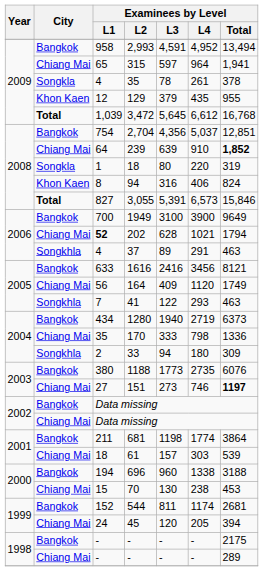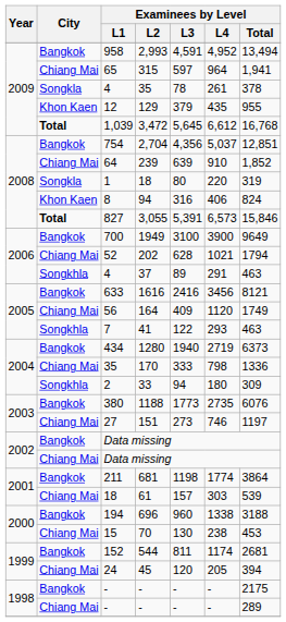 <table class="wikitable" align="right">
 <tr>
 <th rowspan=2>Year</th>
 <th rowspan=2>City</th>
 <th colspan=5>Examinees by Level</th>
 </tr>
 <tr>
 <th>L1</th>
 <th>L2</th>
 <th>L3</th>
 <th>L4</th>
 <th>Total</th>
 </tr>
 <tr>
 </tr>
 <tr>
 <td rowspan=5>2009</td>
 <td><a href='#'>Bangkok</a></td>
 <td>958</td>
 <td>2,993</td>
 <td>4,591</td>
 <td>4,952</td>
 <td>13,494</td>
 </tr>
 <tr>
 <td><a href='#'>Chiang Mai</a></td>
 <td>65</td>
 <td>315</td>
 <td>597</td>
 <td>964</td>
 <td>1,941</td>
 </tr>
 <tr>
 <td><a href='#'>Songkla</a></td>
 <td>4</td>
 <td>35</td>
 <td>78</td>
 <td>261</td>
 <td>378</td>
 </tr>
 <tr>
 <td><a href='#'>Khon Kaen</a></td>
 <td>12</td>
 <td>129</td>
 <td>379</td>
 <td>435</td>
 <td>955</td>
 </tr>
 <tr>
 <td><strong>Total</strong></td>
 <td>1,039</td>
 <td>3,472</td>
 <td>5,645</td>
 <td>6,612</td>
 <td>16,768</td>
 </tr>
 <tr>
 <td rowspan=5>2008</td>
 <td><a href='#'>Bangkok</a></td>
 <td>754</td>
 <td>2,704</td>
 <td>4,356</td>
 <td>5,037</td>
 <td>12,851</td>
 </tr>
 <tr>
 <td><a href='#'>Chiang Mai</a></td>
 <td>64</td>
 <td>239</td>
 <td>639</td>
 <td>910</td>
-<td><strong>1,852</strong></td>
+<td>1,852</td>
 </tr>
 <tr>
 <td><a href='#'>Songkla</a></td>
 <td>1</td>
 <td>18</td>
 <td>80</td>
 <td>220</td>
 <td>319</td>
 </tr>
 <tr>
 <td><a href='#'>Khon Kaen</a></td>
 <td>8</td>
 <td>94</td>
 <td>316</td>
 <td>406</td>
 <td>824</td>
 </tr>
 <tr>
 <td><strong>Total</strong></td>
 <td>827</td>
 <td>3,055</td>
 <td>5,391</td>
 <td>6,573</td>
 <td>15,846</td>
 </tr>
 <tr>
 <td rowspan=3>2006</td>
 <td><a href='#'>Bangkok</a></td>
 <td>700</td>
 <td>1949</td>
 <td>3100</td>
 <td>3900</td>
 <td>9649</td>
 </tr>
 <tr>
 <td><a href='#'>Chiang Mai</a></td>
-<td><strong>52</strong></td>
+<td>52</td>
 <td>202</td>
 <td>628</td>
 <td>1021</td>
 <td>1794</td>
 </tr>
 <tr>
 <td><a href='#'>Songkhla</a></td>
 <td>4</td>
 <td>37</td>
 <td>89</td>
 <td>291</td>
 <td>463</td>
 </tr>
 <tr>
 <td rowspan=3>2005</td>
 <td><a href='#'>Bangkok</a></td>
 <td>633</td>
 <td>1616</td>
 <td>2416</td>
 <td>3456</td>
 <td>8121</td>
 </tr>
 <tr>
 <td><a href='#'>Chiang Mai</a></td>
 <td>56</td>
 <td>164</td>
 <td>409</td>
 <td>1120</td>
 <td>1749</td>
 </tr>
 <tr>
 <td><a href='#'>Songkhla</a></td>
 <td>7</td>
 <td>41</td>
 <td>122</td>
 <td>293</td>
 <td>463</td>
 </tr>
 <tr>
 <td rowspan=3>2004</td>
 <td><a href='#'>Bangkok</a></td>
 <td>434</td>
 <td>1280</td>
 <td>1940</td>
 <td>2719</td>
 <td>6373</td>
 </tr>
 <tr>
 <td><a href='#'>Chiang Mai</a></td>
 <td>35</td>
 <td>170</td>
 <td>333</td>
 <td>798</td>
 <td>1336</td>
 </tr>
 <tr>
 <td><a href='#'>Songkhla</a></td>
 <td>2</td>
 <td>33</td>
 <td>94</td>
 <td>180</td>
 <td>309</td>
 </tr>
 <tr>
 <td rowspan=2>2003</td>
 <td><a href='#'>Bangkok</a></td>
 <td>380</td>
 <td>1188</td>
 <td>1773</td>
 <td>2735</td>
 <td>6076</td>
 </tr>
 <tr>
 <td><a href='#'>Chiang Mai</a></td>
 <td>27</td>
 <td>151</td>
 <td>273</td>
 <td>746</td>
-<td><strong>1197</strong></td>
+<td>1197</td>
 </tr>
 <tr>
 <td rowspan=2>2002</td>
 <td><a href='#'>Bangkok</a></td>
 <td colspan=5><em>Data missing</em></td>
 </tr>
 <tr>
 <td><a href='#'>Chiang Mai</a></td>
 <td colspan=5><em>Data missing</em></td>
 </tr>
 <tr>
 <td rowspan=2>2001</td>
 <td><a href='#'>Bangkok</a></td>
 <td>211</td>
 <td>681</td>
 <td>1198</td>
 <td>1774</td>
 <td>3864</td>
 </tr>
 <tr>
 <td><a href='#'>Chiang Mai</a></td>
 <td>18</td>
 <td>61</td>
 <td>157</td>
 <td>303</td>
 <td>539</td>
 </tr>
 <tr>
 <td rowspan=2>2000</td>
 <td><a href='#'>Bangkok</a></td>
 <td>194</td>
 <td>696</td>
 <td>960</td>
 <td>1338</td>
 <td>3188</td>
 </tr>
 <tr>
 <td><a href='#'>Chiang Mai</a></td>
 <td>15</td>
 <td>70</td>
 <td>130</td>
 <td>238</td>
 <td>453</td>
 </tr>
 <tr>
 <td rowspan=2>1999</td>
 <td><a href='#'>Bangkok</a></td>
 <td>152</td>
 <td>544</td>
 <td>811</td>
 <td>1174</td>
 <td>2681</td>
 </tr>
 <tr>
 <td><a href='#'>Chiang Mai</a></td>
 <td>24</td>
 <td>45</td>
 <td>120</td>
 <td>205</td>
 <td>394</td>
 </tr>
 <tr>
 <td rowspan=2>1998</td>
 <td><a href='#'>Bangkok</a></td>
 <td>-</td>
 <td>-</td>
 <td>-</td>
 <td>-</td>
 <td>2175</td>
 </tr>
 <tr>
 <td><a href='#'>Chiang Mai</a></td>
 <td>-</td>
 <td>-</td>
 <td>-</td>
 <td>-</td>
 <td>289</td>
 </tr>
 <tr>
 </tr>
 </table>
